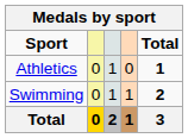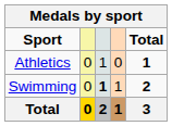 <table class="wikitable" style="font-size:85%">
 <tr style="background:#efefef;">
 <th colspan=7><strong>Medals by sport</strong></th>
 </tr>
 <tr align=center>
 <td><strong>Sport</strong></td>
 <td bgcolor=#f7f6a8></td>
 <td bgcolor=#dce5e5></td>
 <td bgcolor=#ffdab9></td>
 <td><strong>Total</strong></td>
 </tr>
 <tr align=center>
 <td><a href='#'>Athletics</a></td>
 <td style="background:#F7F6A8;">0</td>
 <td style="background:#DCE5E5;">1</td>
 <td style="background:#FFDAB9;">0</td>
 <td><strong>1</strong></td>
 </tr>
 <tr align=center>
 <td><a href='#'>Swimming</a></td>
 <td style="background:#F7F6A8;">0</td>
-<td style="background:#DCE5E5;">1</td>
+<td style="background:#DCE5E5;"><strong>1</strong></td>
 <td style="background:#FFDAB9;">1</td>
 <td><strong>2</strong></td>
 </tr>
 <tr align=center>
 <th><strong>Total</strong></th>
 <th style="background:gold;"><strong>0</strong></th>
 <th style="background:silver;"><strong>2</strong></th>
 <th style="background:#c96;"><strong>1</strong></th>
 <th><strong>3</strong></th>
 </tr>
 </table>
